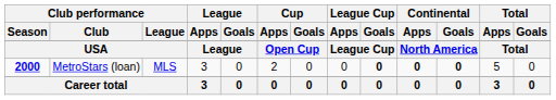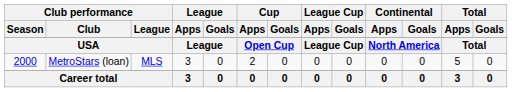 <table class="wikitable" style="text-align:center">
 <tr>
 <th colspan=3>Club performance</th>
 <th colspan=2>League</th>
 <th colspan=2>Cup</th>
 <th colspan=2>League Cup</th>
 <th colspan=2>Continental</th>
 <th colspan=2>Total</th>
 </tr>
 <tr>
 <th>Season</th>
 <th>Club</th>
 <th>League</th>
 <th>Apps</th>
 <th>Goals</th>
 <th>Apps</th>
 <th>Goals</th>
 <th>Apps</th>
 <th>Goals</th>
 <th>Apps</th>
 <th>Goals</th>
 <th>Apps</th>
 <th>Goals</th>
 </tr>
 <tr>
 </tr>
 <tr>
 <th colspan=3>USA</th>
 <th colspan=2>League</th>
 <th colspan=2><a href='#'>Open Cup</a></th>
 <th colspan=2>League Cup</th>
 <th colspan=2><a href='#'>North America</a></th>
 <th colspan=2>Total</th>
 </tr>
 <tr>
-<td><strong><a href='#'>2000</a></strong></td>
+<td><a href='#'>2000</a></td>
 <td><a href='#'>MetroStars</a> (loan)</td>
 <td><a href='#'>MLS</a></td>
 <td>3</td>
 <td>0</td>
 <td>2</td>
 <td>0</td>
 <td>0</td>
-<td><strong>0</strong></td>
-<td><strong>0</strong></td>
-<td><strong>0</strong></td>
+<td>0</td>
+<td>0</td>
+<td>0</td>
 <td>5</td>
 <td>0</td>
 </tr>
 <tr>
 </tr>
 <tr>
 <th colspan=3>Career total</th>
 <th>3</th>
 <th>0</th>
 <th>0</th>
 <th>0</th>
 <th>0</th>
 <th>0</th>
 <th>0</th>
 <th>0</th>
 <th>3</th>
 <th>0</th>
 </tr>
 </table>
